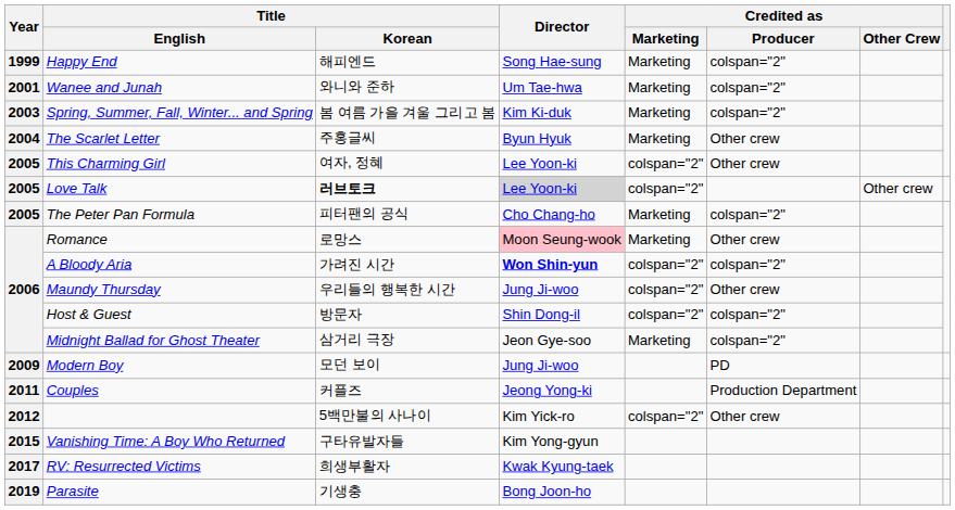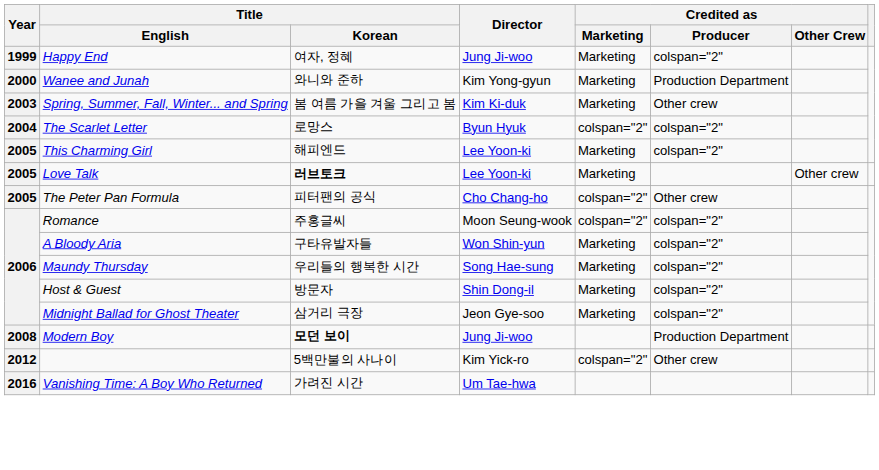 <table class="wikitable sortable plainrowheaders">
 <tr>
 <th rowspan="2">Year</th>
 <th colspan="2">Title</th>
 <th rowspan="2">Director</th>
 <th colspan="3">Credited as</th>
 <th rowspan="2" class="unsortable"></th>
 </tr>
 <tr>
 <th>English</th>
 <th>Korean</th>
 <th>Marketing</th>
 <th>Producer</th>
 <th>Other Crew</th>
 </tr>
 <tr>
 <th scope="row">1999</th>
 <td><em><a href='#'>Happy End</a></em></td>
-<td>해피엔드</td>
-<td><a href='#'>Song Hae-sung</a></td>
+<td>여자, 정혜</td>
+<td><a href='#'>Jung Ji-woo</a></td>
 <td>Marketing</td>
 <td>colspan="2" </td>
 <td></td>
 </tr>
 <tr>
-<th scope="row">2001</th>
+<th scope="row">2000</th>
 <td><em><a href='#'>Wanee and Junah</a></em></td>
 <td>와니와 준하</td>
-<td><a href='#'>Um Tae-hwa</a></td>
+<td>Kim Yong-gyun</td>
 <td>Marketing</td>
-<td>colspan="2" </td>
+<td>Production Department</td>
 <td></td>
 </tr>
 <tr>
 <th scope="row">2003</th>
 <td><em><a href='#'>Spring, Summer, Fall, Winter... and Spring</a></em></td>
 <td>봄 여름 가을 겨울 그리고 봄</td>
 <td><a href='#'>Kim Ki-duk</a></td>
 <td>Marketing</td>
-<td>colspan="2" </td>
+<td>Other crew</td>
 <td></td>
 </tr>
 <tr>
 <th scope="row">2004</th>
 <td><em><a href='#'>The Scarlet Letter</a></em></td>
-<td>주홍글씨</td>
+<td>로망스</td>
 <td><a href='#'>Byun Hyuk</a></td>
-<td>Marketing</td>
-<td>Other crew</td>
+<td>colspan="2" </td>
+<td>colspan="2" </td>
 <td></td>
 </tr>
 <tr>
 <th scope="row">2005</th>
 <td><em><a href='#'>This Charming Girl</a></em></td>
-<td>여자, 정혜</td>
+<td>해피엔드</td>
 <td><a href='#'>Lee Yoon-ki</a></td>
+<td>Marketing</td>
 <td>colspan="2" </td>
-<td>Other crew</td>
 <td></td>
 </tr>
 <tr>
 <th scope="row">2005</th>
 <td><em><a href='#'>Love Talk</a></em></td>
 <td><strong>러브토크</strong></td>
-<td style="background: lightgrey;"><a href='#'>Lee Yoon-ki</a></td>
-<td>colspan="2" </td>
+<td><a href='#'>Lee Yoon-ki</a></td>
+<td>Marketing</td>
 <td></td>
 <td>Other crew</td>
 <td></td>
 </tr>
 <tr>
 <th scope="row">2005</th>
 <td><em>The Peter Pan Formula</em></td>
 <td>피터팬의 공식</td>
 <td><a href='#'>Cho Chang-ho</a></td>
-<td>Marketing</td>
 <td>colspan="2" </td>
+<td>Other crew</td>
 <td></td>
 </tr>
 <tr>
 <th rowspan="5" scope="row">2006</th>
 <td><em>Romance</em></td>
-<td>로망스</td>
-<td style="background: pink;">Moon Seung-wook</td>
-<td>Marketing</td>
-<td>Other crew</td>
+<td>주홍글씨</td>
+<td>Moon Seung-wook</td>
+<td>colspan="2" </td>
+<td>colspan="2" </td>
 <td></td>
 </tr>
 <tr>
 <td><em><a href='#'>A Bloody Aria</a></em></td>
-<td>가려진 시간</td>
-<td><strong><a href='#'>Won Shin-yun</a></strong></td>
-<td>colspan="2" </td>
+<td>구타유발자들</td>
+<td><a href='#'>Won Shin-yun</a></td>
+<td>Marketing</td>
 <td>colspan="2" </td>
 <td></td>
 </tr>
 <tr>
 <td><em><a href='#'>Maundy Thursday</a></em></td>
 <td>우리들의 행복한 시간</td>
-<td><a href='#'>Jung Ji-woo</a></td>
+<td><a href='#'>Song Hae-sung</a></td>
+<td>Marketing</td>
 <td>colspan="2" </td>
-<td>Other crew</td>
 <td></td>
 </tr>
 <tr>
 <td><em>Host & Guest</em></td>
 <td>방문자</td>
 <td><a href='#'>Shin Dong-il</a></td>
-<td>colspan="2" </td>
+<td>Marketing</td>
 <td>colspan="2" </td>
 <td></td>
 </tr>
 <tr>
 <td><em><a href='#'>Midnight Ballad for Ghost Theater</a></em></td>
 <td>삼거리 극장</td>
 <td>Jeon Gye-soo</td>
 <td>Marketing</td>
 <td>colspan="2" </td>
 <td></td>
 </tr>
 <tr>
-<th scope="row">2009</th>
+<th scope="row">2008</th>
 <td><em><a href='#'>Modern Boy</a></em></td>
-<td>모던 보이</td>
+<td><strong>모던 보이</strong></td>
 <td><a href='#'>Jung Ji-woo</a></td>
-<td></td>
-<td>PD</td>
-<td></td>
-<td></td>
-</tr>
-<tr>
-<th scope="row">2011</th>
-<td><em><a href='#'>Couples</a></em></td>
-<td>커플즈</td>
-<td><a href='#'>Jeong Yong-ki</a></td>
 <td></td>
 <td>Production Department</td>
 <td></td>
 <td></td>
 </tr>
 <tr>
 <th scope="row">2012</th>
 <td><em></em></td>
 <td>5백만불의 사나이</td>
 <td>Kim Yick-ro</td>
 <td>colspan="2" </td>
 <td>Other crew</td>
 <td></td>
 </tr>
 <tr>
-<th scope="row">2015</th>
+<th scope="row">2016</th>
 <td><em><a href='#'>Vanishing Time: A Boy Who Returned</a></em></td>
-<td>구타유발자들</td>
-<td>Kim Yong-gyun</td>
-<td></td>
-<td></td>
-<td></td>
-<td></td>
-</tr>
-<tr>
-<th scope="row">2017</th>
-<td><em><a href='#'>RV: Resurrected Victims</a></em></td>
-<td>희생부활자</td>
-<td><a href='#'>Kwak Kyung-taek</a></td>
-<td></td>
-<td></td>
-<td></td>
-<td></td>
-</tr>
-<tr>
-<th scope=row>2019</th>
-<td><em><a href='#'>Parasite</a></em></td>
-<td>기생충</td>
-<td><a href='#'>Bong Joon-ho</a></td>
+<td>가려진 시간</td>
+<td><a href='#'>Um Tae-hwa</a></td>
 <td></td>
 <td></td>
 <td></td>
 <td></td>
 </tr>
 </table>
